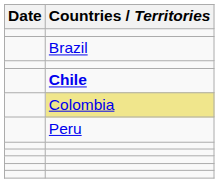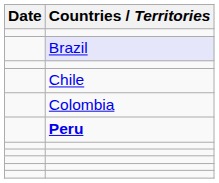 <table class="wikitable mw-datatable">
 <tr>
 <th scope="col">Date</th>
 <th scope="col">Countries / <em>Territories</em></th>
 </tr>
 <tr>
 <td></td>
 <td></td>
 </tr>
 <tr>
 <td></td>
-<td> <a href='#'>Brazil</a></td>
+<td style="background: lavender;"> <a href='#'>Brazil</a></td>
 </tr>
 <tr>
 <td></td>
 <td></td>
 </tr>
 <tr>
 <td></td>
-<td><strong> <a href='#'>Chile</a></strong></td>
+<td> <a href='#'>Chile</a></td>
 </tr>
 <tr>
 <td></td>
-<td style="background: khaki;"> <a href='#'>Colombia</a></td>
+<td> <a href='#'>Colombia</a></td>
 </tr>
 <tr>
 <td></td>
-<td> <a href='#'>Peru</a></td>
+<td><strong> <a href='#'>Peru</a></strong></td>
 </tr>
 <tr>
 <td></td>
 <td></td>
 </tr>
 <tr>
 <td></td>
 <td></td>
 </tr>
 <tr>
 <td></td>
 <td></td>
 </tr>
 <tr>
 <td></td>
 <td></td>
 </tr>
 <tr>
 <td></td>
 <td></td>
 </tr>
 </table>
